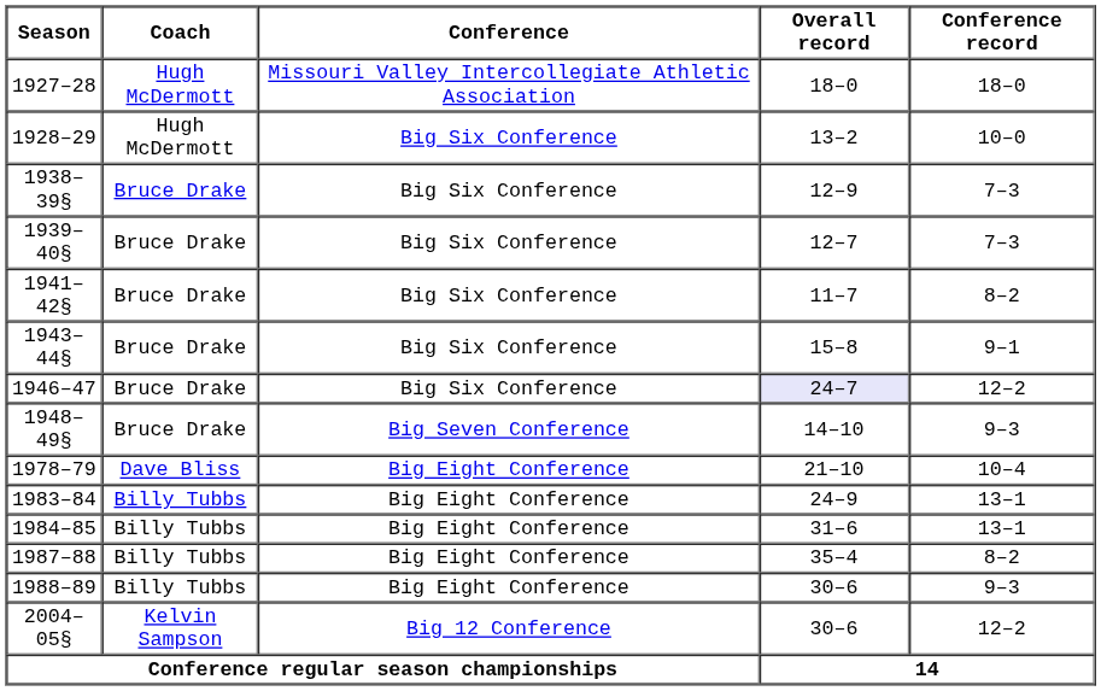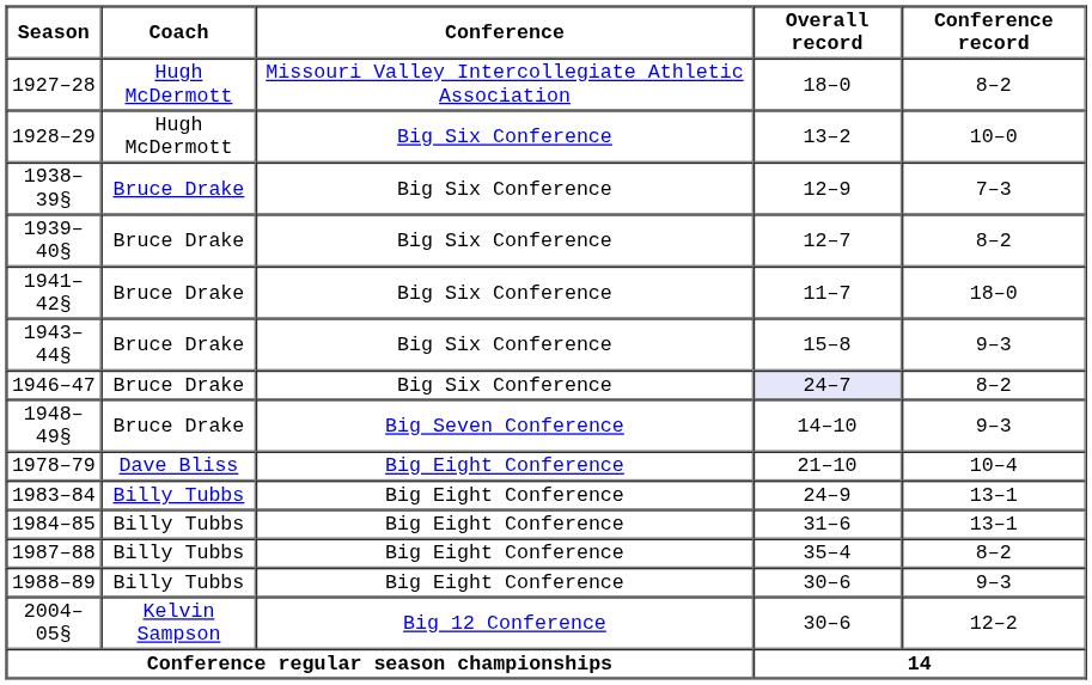 <table cellpadding="1" border="1" cellspacing="0" width="80%" style="text-align:center;">
 <tr>
 <th>Season</th>
 <th>Coach</th>
 <th>Conference</th>
 <th>Overall record</th>
 <th>Conference record</th>
 </tr>
 <tr>
 <td>1927–28</td>
 <td><a href='#'>Hugh McDermott</a></td>
 <td><a href='#'>Missouri Valley Intercollegiate Athletic Association</a></td>
 <td>18–0</td>
-<td>18–0</td>
+<td>8–2</td>
 </tr>
 <tr>
 <td>1928–29</td>
 <td>Hugh McDermott</td>
 <td><a href='#'>Big Six Conference</a></td>
 <td>13–2</td>
 <td>10–0</td>
 </tr>
 <tr>
 <td>1938–39§</td>
 <td><a href='#'>Bruce Drake</a></td>
 <td>Big Six Conference</td>
 <td>12–9</td>
 <td>7–3</td>
 </tr>
 <tr>
 <td>1939–40§</td>
 <td>Bruce Drake</td>
 <td>Big Six Conference</td>
 <td>12–7</td>
-<td>7–3</td>
+<td>8–2</td>
 </tr>
 <tr>
 <td>1941–42§</td>
 <td>Bruce Drake</td>
 <td>Big Six Conference</td>
 <td>11–7</td>
-<td>8–2</td>
+<td>18–0</td>
 </tr>
 <tr>
 <td>1943–44§</td>
 <td>Bruce Drake</td>
 <td>Big Six Conference</td>
 <td>15–8</td>
-<td>9–1</td>
+<td>9–3</td>
 </tr>
 <tr>
 <td>1946–47</td>
 <td>Bruce Drake</td>
 <td>Big Six Conference</td>
 <td style="background: lavender;">24–7</td>
-<td>12–2</td>
+<td>8–2</td>
 </tr>
 <tr>
 <td>1948–49§</td>
 <td>Bruce Drake</td>
 <td><a href='#'>Big Seven Conference</a></td>
 <td>14–10</td>
 <td>9–3</td>
 </tr>
 <tr>
 <td>1978–79</td>
 <td><a href='#'>Dave Bliss</a></td>
 <td><a href='#'>Big Eight Conference</a></td>
 <td>21–10</td>
 <td>10–4</td>
 </tr>
 <tr>
 <td>1983–84</td>
 <td><a href='#'>Billy Tubbs</a></td>
 <td>Big Eight Conference</td>
 <td>24–9</td>
 <td>13–1</td>
 </tr>
 <tr>
 <td>1984–85</td>
 <td>Billy Tubbs</td>
 <td>Big Eight Conference</td>
 <td>31–6</td>
 <td>13–1</td>
 </tr>
 <tr>
 <td>1987–88</td>
 <td>Billy Tubbs</td>
 <td>Big Eight Conference</td>
 <td>35–4</td>
 <td>8–2</td>
 </tr>
 <tr>
 <td>1988–89</td>
 <td>Billy Tubbs</td>
 <td>Big Eight Conference</td>
 <td>30–6</td>
 <td>9–3</td>
 </tr>
 <tr>
 <td>2004–05§</td>
 <td><a href='#'>Kelvin Sampson</a></td>
 <td><a href='#'>Big 12 Conference</a></td>
 <td>30–6</td>
 <td>12–2</td>
 </tr>
 <tr style="text-align:center; ">
 <td colspan="3"><strong>Conference regular season championships</strong></td>
 <td colspan="2"><strong>14</strong></td>
 </tr>
 </table>
